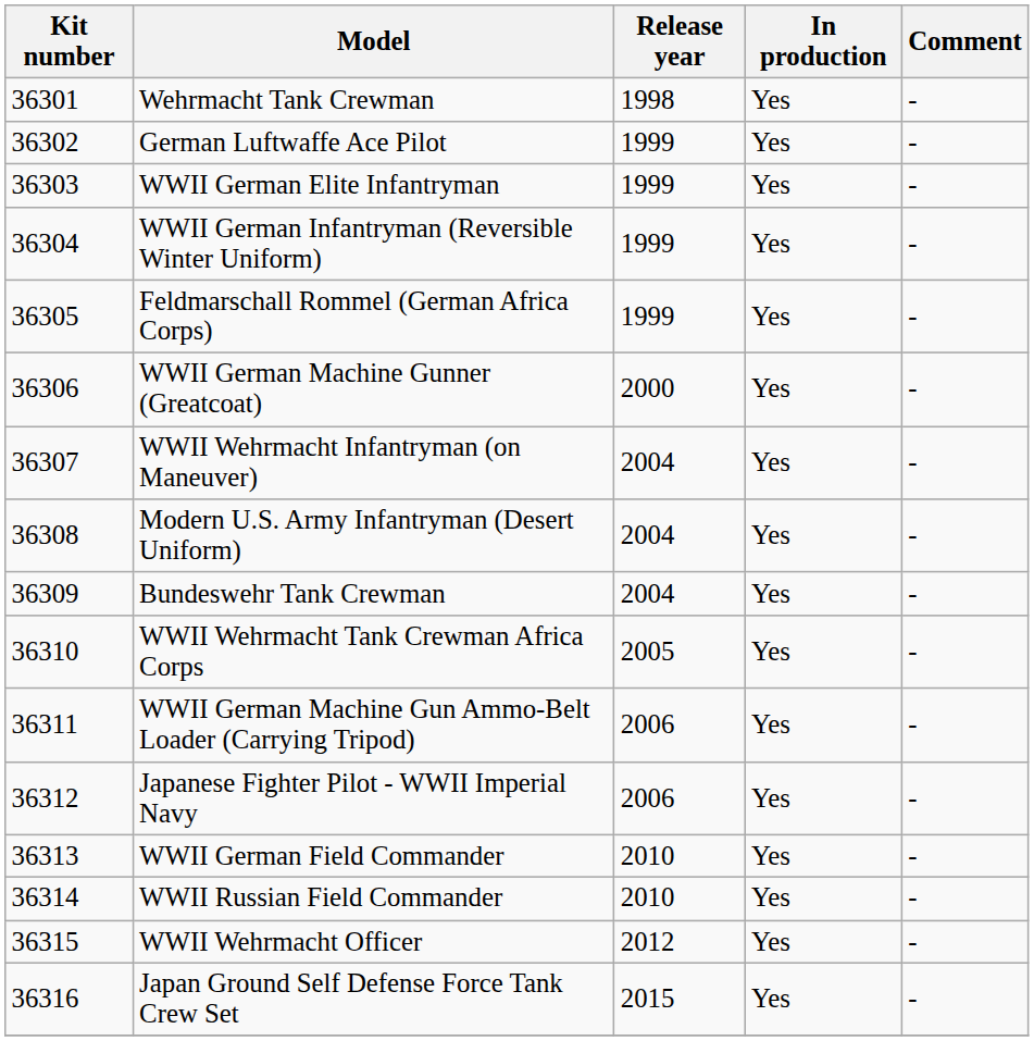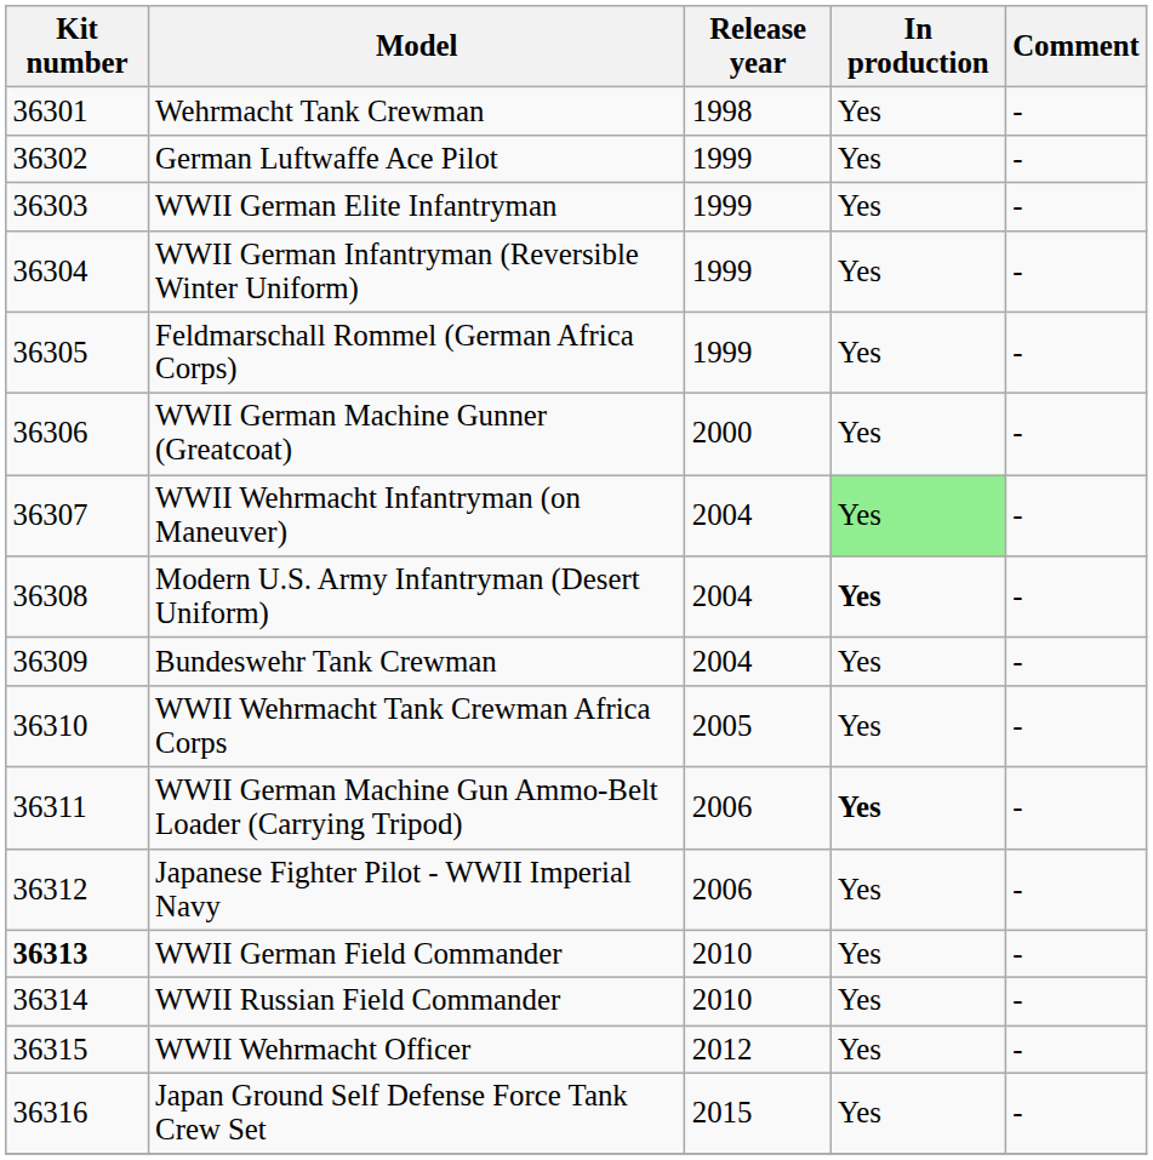 <table class="wikitable">
 <tr>
 <th>Kit number</th>
 <th>Model</th>
 <th>Release year</th>
 <th>In production</th>
 <th>Comment</th>
 </tr>
 <tr>
 <td>36301</td>
 <td>Wehrmacht Tank Crewman</td>
 <td>1998</td>
 <td>Yes</td>
 <td>-</td>
 </tr>
 <tr>
 <td>36302</td>
 <td>German Luftwaffe Ace Pilot</td>
 <td>1999</td>
 <td>Yes</td>
 <td>-</td>
 </tr>
 <tr>
 <td>36303</td>
 <td>WWII German Elite Infantryman</td>
 <td>1999</td>
 <td>Yes</td>
 <td>-</td>
 </tr>
 <tr>
 <td>36304</td>
 <td>WWII German Infantryman (Reversible Winter Uniform)</td>
 <td>1999</td>
 <td>Yes</td>
 <td>-</td>
 </tr>
 <tr>
 <td>36305</td>
 <td>Feldmarschall Rommel (German Africa Corps)</td>
 <td>1999</td>
 <td>Yes</td>
 <td>-</td>
 </tr>
 <tr>
 <td>36306</td>
 <td>WWII German Machine Gunner (Greatcoat)</td>
 <td>2000</td>
 <td>Yes</td>
 <td>-</td>
 </tr>
 <tr>
 <td>36307</td>
 <td>WWII Wehrmacht Infantryman (on Maneuver)</td>
 <td>2004</td>
-<td>Yes</td>
+<td style="background: lightgreen;">Yes</td>
 <td>-</td>
 </tr>
 <tr>
 <td>36308</td>
 <td>Modern U.S. Army Infantryman (Desert Uniform)</td>
 <td>2004</td>
-<td>Yes</td>
+<td><strong>Yes</strong></td>
 <td>-</td>
 </tr>
 <tr>
 <td>36309</td>
 <td>Bundeswehr Tank Crewman</td>
 <td>2004</td>
 <td>Yes</td>
 <td>-</td>
 </tr>
 <tr>
 <td>36310</td>
 <td>WWII Wehrmacht Tank Crewman Africa Corps</td>
 <td>2005</td>
 <td>Yes</td>
 <td>-</td>
 </tr>
 <tr>
 <td>36311</td>
 <td>WWII German Machine Gun Ammo-Belt Loader (Carrying Tripod)</td>
 <td>2006</td>
-<td>Yes</td>
+<td><strong>Yes</strong></td>
 <td>-</td>
 </tr>
 <tr>
 <td>36312</td>
 <td>Japanese Fighter Pilot - WWII Imperial Navy</td>
 <td>2006</td>
 <td>Yes</td>
 <td>-</td>
 </tr>
 <tr>
-<td>36313</td>
+<td><strong>36313</strong></td>
 <td>WWII German Field Commander</td>
 <td>2010</td>
 <td>Yes</td>
 <td>-</td>
 </tr>
 <tr>
 <td>36314</td>
 <td>WWII Russian Field Commander</td>
 <td>2010</td>
 <td>Yes</td>
 <td>-</td>
 </tr>
 <tr>
 <td>36315</td>
 <td>WWII Wehrmacht Officer</td>
 <td>2012</td>
 <td>Yes</td>
 <td>-</td>
 </tr>
 <tr>
 <td>36316</td>
 <td>Japan Ground Self Defense Force Tank Crew Set</td>
 <td>2015</td>
 <td>Yes</td>
 <td>-</td>
 </tr>
 <tr>
 </tr>
 </table>
